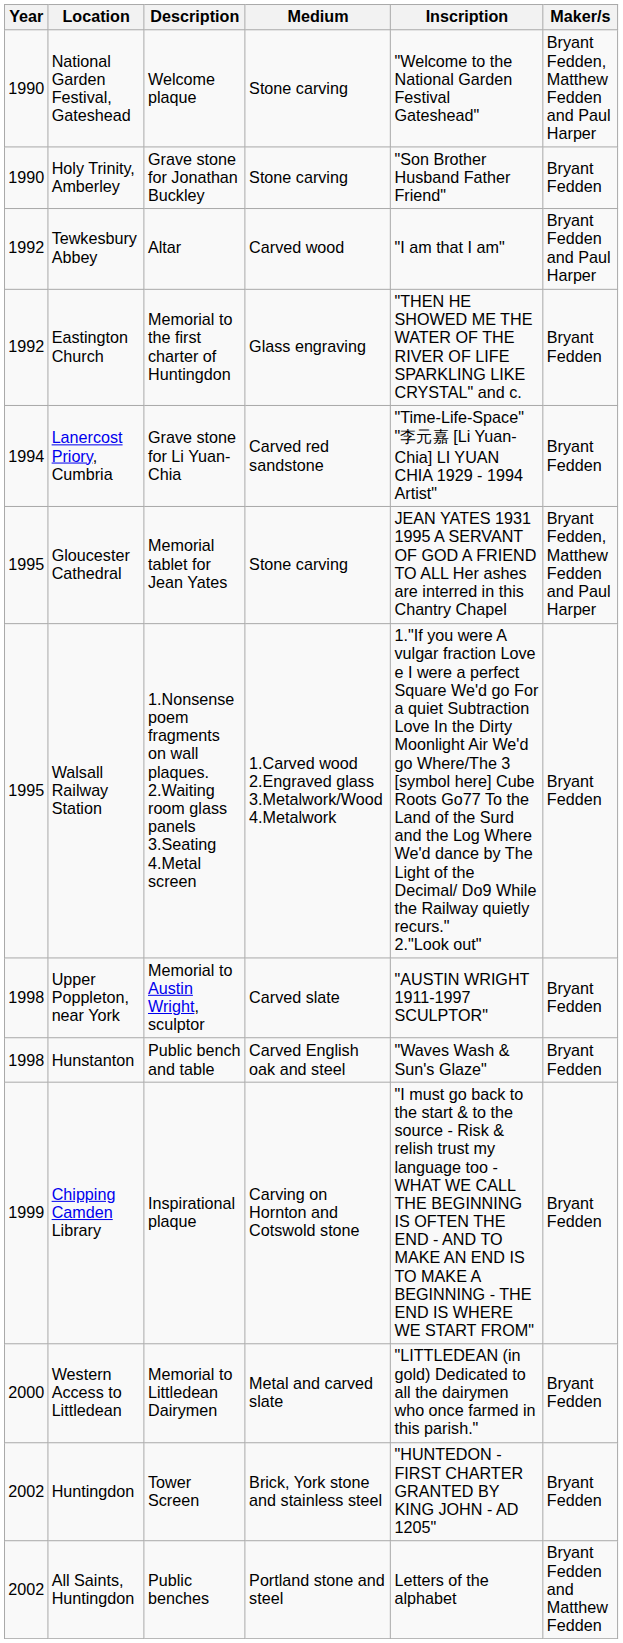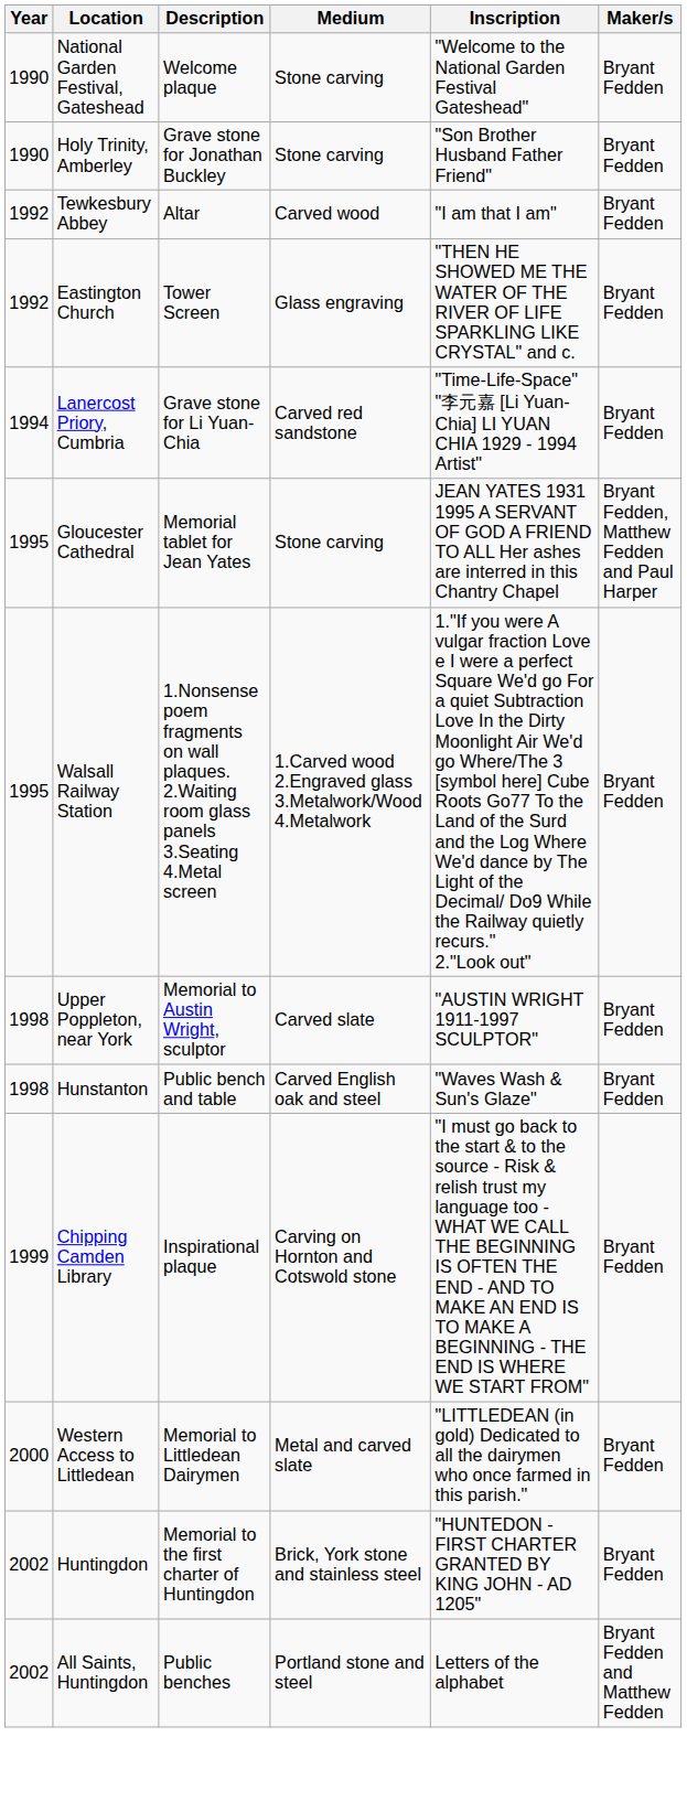 <table class="wikitable">
 <tr>
 <th>Year</th>
 <th>Location</th>
 <th>Description</th>
 <th>Medium</th>
 <th>Inscription</th>
 <th>Maker/s</th>
 </tr>
 <tr>
 <td>1990</td>
 <td>National Garden Festival, Gateshead</td>
 <td>Welcome plaque</td>
 <td>Stone carving</td>
 <td>"Welcome to the National Garden Festival Gateshead"</td>
-<td>Bryant Fedden, Matthew Fedden and Paul Harper</td>
+<td>Bryant Fedden</td>
 </tr>
 <tr>
 <td>1990</td>
 <td>Holy Trinity, Amberley</td>
 <td>Grave stone for Jonathan Buckley</td>
 <td>Stone carving</td>
 <td>"Son Brother Husband Father Friend"</td>
 <td>Bryant Fedden</td>
 </tr>
 <tr>
 <td>1992</td>
 <td>Tewkesbury Abbey</td>
 <td>Altar</td>
 <td>Carved wood</td>
 <td>"I am that I am"</td>
-<td>Bryant Fedden and Paul Harper</td>
+<td>Bryant Fedden</td>
 </tr>
 <tr>
 <td>1992</td>
 <td>Eastington Church</td>
-<td>Memorial to the first charter of Huntingdon</td>
+<td>Tower Screen</td>
 <td>Glass engraving</td>
 <td>"THEN HE SHOWED ME THE WATER OF THE RIVER OF LIFE SPARKLING LIKE CRYSTAL" and c.</td>
 <td>Bryant Fedden</td>
 </tr>
 <tr>
 <td>1994</td>
 <td><a href='#'>Lanercost Priory</a>, Cumbria</td>
 <td>Grave stone for Li Yuan-Chia</td>
 <td>Carved red sandstone</td>
 <td>"Time-Life-Space" "李元嘉 [Li Yuan-Chia] LI YUAN CHIA 1929 - 1994 Artist"</td>
 <td>Bryant Fedden</td>
 </tr>
 <tr>
 <td>1995</td>
 <td>Gloucester Cathedral</td>
 <td>Memorial tablet for Jean Yates</td>
 <td>Stone carving</td>
 <td>JEAN  YATES  1931  1995  A SERVANT  OF GOD  A FRIEND  TO ALL Her ashes are interred in this Chantry Chapel</td>
 <td>Bryant Fedden, Matthew Fedden and Paul Harper</td>
 </tr>
 <tr>
 <td>1995</td>
 <td>Walsall Railway Station</td>
 <td>1.Nonsense poem fragments on wall plaques.<br>2.Waiting room glass panels<br>3.Seating 4.Metal screen</td>
 <td>1.Carved wood<br>2.Engraved glass 3.Metalwork/Wood 4.Metalwork</td>
 <td>1."If you were A vulgar fraction Love e I were a perfect Square We'd go For a quiet Subtraction Love In the Dirty Moonlight Air We'd go Where/The 3 [symbol here] Cube Roots Go77 To the Land of the Surd and the Log Where We'd dance by The Light of the Decimal/ Do9 While the Railway quietly recurs."<br>2."Look out"</td>
 <td>Bryant Fedden</td>
 </tr>
 <tr>
 <td>1998</td>
 <td>Upper Poppleton, near York</td>
 <td>Memorial to <a href='#'>Austin Wright</a>, sculptor</td>
 <td>Carved slate</td>
 <td>"AUSTIN WRIGHT 1911-1997 SCULPTOR"</td>
 <td>Bryant Fedden</td>
 </tr>
 <tr>
 <td>1998</td>
 <td>Hunstanton</td>
 <td>Public bench and table</td>
 <td>Carved English oak and steel</td>
 <td>"Waves Wash & Sun's Glaze"</td>
 <td>Bryant Fedden</td>
 </tr>
 <tr>
 <td>1999</td>
 <td><a href='#'>Chipping Camden</a> Library</td>
 <td>Inspirational plaque</td>
 <td>Carving on Hornton and Cotswold stone</td>
 <td>"I must go back to the start & to the source - Risk & relish trust my language too - WHAT WE CALL THE BEGINNING IS OFTEN THE END - AND TO MAKE AN END IS TO MAKE A BEGINNING - THE END IS WHERE WE START FROM"</td>
 <td>Bryant Fedden</td>
 </tr>
 <tr>
 <td>2000</td>
 <td>Western Access to Littledean</td>
 <td>Memorial to Littledean Dairymen</td>
 <td>Metal and carved slate</td>
 <td>"LITTLEDEAN (in gold) Dedicated to all the dairymen who once farmed in this parish."</td>
 <td>Bryant Fedden</td>
 </tr>
 <tr>
 <td>2002</td>
 <td>Huntingdon</td>
-<td>Tower Screen</td>
+<td>Memorial to the first charter of Huntingdon</td>
 <td>Brick, York stone and stainless steel</td>
 <td>"HUNTEDON - FIRST CHARTER GRANTED BY KING JOHN - AD 1205"</td>
 <td>Bryant Fedden</td>
 </tr>
 <tr>
 <td>2002</td>
 <td>All Saints, Huntingdon</td>
 <td>Public benches</td>
 <td>Portland stone and steel</td>
 <td>Letters of the alphabet</td>
 <td>Bryant Fedden and Matthew Fedden</td>
 </tr>
 </table>
